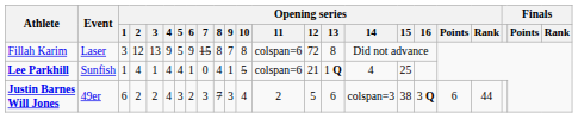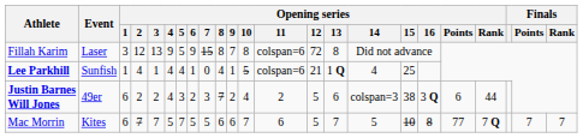 <table class=wikitable style=font-size:90%;text-align:center>
 <tr>
 <th rowspan=2>Athlete</th>
 <th rowspan=2>Event</th>
 <th colspan=18>Opening series</th>
 <th colspan=3>Finals</th>
 </tr>
 <tr style=font-size:95%>
 <th>1</th>
 <th>2</th>
 <th>3</th>
 <th>4</th>
 <th>5</th>
 <th>6</th>
 <th>7</th>
 <th>8</th>
 <th>9</th>
 <th>10</th>
 <th>11</th>
 <th>12</th>
 <th>13</th>
 <th>14</th>
 <th>15</th>
 <th>16</th>
 <th>Points</th>
 <th>Rank</th>
 <th></th>
 <th>Points</th>
 <th>Rank</th>
 </tr>
 <tr>
 <td align="left"><a href='#'>Fillah Karim</a></td>
 <td align="left"><a href='#'>Laser</a></td>
 <td>3</td>
 <td>12</td>
 <td>13</td>
 <td>9</td>
 <td>5</td>
 <td>9</td>
 <td><s>15</s></td>
 <td>8</td>
 <td>7</td>
 <td>8</td>
 <td>colspan=6 </td>
 <td>72</td>
 <td>8</td>
 <td colspan=3>Did not advance</td>
 </tr>
 <tr>
 <td align="left"><strong><a href='#'>Lee Parkhill</a></strong></td>
 <td align="left"><a href='#'>Sunfish</a></td>
 <td>1</td>
 <td>4</td>
 <td>1</td>
 <td>4</td>
 <td>4</td>
 <td>1</td>
 <td>0</td>
 <td>4</td>
 <td>1</td>
 <td><s>5</s></td>
 <td>colspan=6 </td>
 <td>21</td>
 <td>1 <strong>Q</strong></td>
 <td>4</td>
 <td>25</td>
 <td></td>
 </tr>
 <tr>
 <td align=left><strong><a href='#'>Justin Barnes</a><br><a href='#'>Will Jones</a></strong></td>
 <td align=left><a href='#'>49er</a></td>
 <td>6</td>
 <td>2</td>
 <td>2</td>
 <td>4</td>
 <td>3</td>
 <td>2</td>
 <td>3</td>
 <td><s>7</s></td>
-<td>3</td>
+<td>2</td>
 <td>4</td>
 <td>2</td>
 <td>5</td>
 <td>6</td>
 <td>colspan=3 </td>
 <td>38</td>
 <td>3 <strong>Q</strong></td>
 <td>6</td>
 <td>44</td>
 <td></td>
 </tr>
+<tr>
+<td align=left><a href='#'>Mac Morrin</a></td>
+<td align=left><a href='#'>Kites</a></td>
+<td>6</td>
+<td><s>7</s></td>
+<td>7</td>
+<td>5</td>
+<td>7</td>
+<td>5</td>
+<td>5</td>
+<td>6</td>
+<td>6</td>
+<td>7</td>
+<td>6</td>
+<td>5</td>
+<td>7</td>
+<td>5</td>
+<td><s>10<br></s></td>
+<td><s>8</s></td>
+<td>77</td>
+<td>7 <strong>Q</strong></td>
+<td></td>
+<td>7</td>
+<td>7</td>
+</tr>
 </table>
